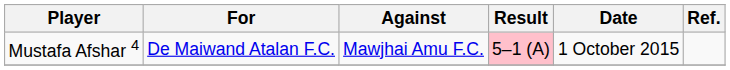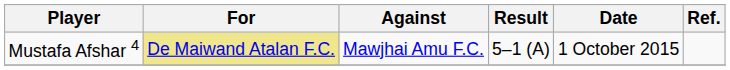 <table class="wikitable sortable">
 <tr>
 <th>Player</th>
 <th>For</th>
 <th>Against</th>
 <th>Result</th>
 <th>Date</th>
 <th>Ref.</th>
 </tr>
 <tr>
 <td> Mustafa Afshar <sup>4</sup></td>
-<td><a href='#'>De Maiwand Atalan F.C.</a></td>
+<td style="background: khaki;"><a href='#'>De Maiwand Atalan F.C.</a></td>
 <td><a href='#'>Mawjhai Amu F.C.</a></td>
-<td style="background: pink; text-align:center">5–1 (A)</td>
+<td style="text-align:center">5–1 (A)</td>
 <td>1 October 2015</td>
 <td></td>
 </tr>
 <tr>
 </tr>
 </table>
